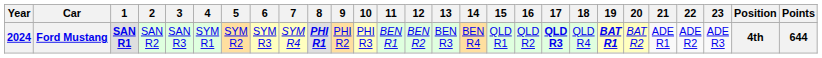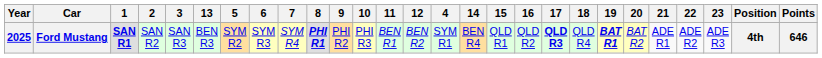 <table class="wikitable" style="text-align:center; font-size:75%">
 <tr>
 <th>Year</th>
 <th>Car</th>
 <th>1</th>
 <th>2</th>
 <th>3</th>
-<th>4</th>
+<th>13</th>
 <th>5</th>
 <th>6</th>
 <th>7</th>
 <th>8</th>
 <th>9</th>
 <th>10</th>
 <th>11</th>
 <th>12</th>
-<th>13</th>
+<th>4</th>
 <th>14</th>
 <th>15</th>
 <th>16</th>
 <th>17</th>
 <th>18</th>
 <th>19</th>
 <th>20</th>
 <th>21</th>
 <th>22</th>
 <th>23</th>
 <th>Position</th>
 <th>Points</th>
 </tr>
 <tr>
-<th><a href='#'>2024</a></th>
+<th><a href='#'>2025</a></th>
 <th><a href='#'>Ford Mustang</a></th>
 <td style="background:#dfdfdf"><strong><a href='#'>SAN<br>R1</a><br></strong></td>
 <td style="background:#dfffdf"><a href='#'>SAN<br>R2</a><br></td>
 <td style="background:#dfffdf"><a href='#'>SAN<br>R3</a><br></td>
-<td style="background:#dfffdf"><a href='#'>SYM<br>R1</a><br></td>
+<td style="background:#dfffdf"><a href='#'>BEN<br>R3</a><br></td>
 <td style="background:#ffdf9f"><a href='#'>SYM<br>R2</a><br></td>
 <td style="background:#ffffbf"><a href='#'>SYM<br>R3</a><br></td>
 <td style="background:#ffffbf"><em><a href='#'>SYM<br>R4</a><br></em></td>
 <td style="background:#dfdfdf"><strong><em><a href='#'>PHI<br>R1</a><br></em></strong></td>
 <td style="background:#ffdf9f"><a href='#'>PHI<br>R2</a><br></td>
 <td style="background:#ffffbf"><a href='#'>PHI<br>R3</a><br></td>
 <td style="background:#dfffdf"><em><a href='#'>BEN<br>R1</a><br></em></td>
 <td style="background:#dfffdf"><em><a href='#'>BEN<br>R2</a><br></em></td>
-<td style="background:#dfffdf"><a href='#'>BEN<br>R3</a><br></td>
+<td style="background:#dfffdf"><a href='#'>SYM<br>R1</a><br></td>
 <td style="background:#ffdf9f"><a href='#'>BEN<br>R4</a><br></td>
 <td style="background:#dfffdf"><a href='#'>QLD<br>R1</a><br></td>
 <td style="background:#dfffdf"><a href='#'>QLD<br>R2</a><br></td>
 <td style="background:#dfffdf"><strong><a href='#'>QLD<br>R3</a><br></strong></td>
 <td style="background:#dfffdf"><a href='#'>QLD<br>R4</a><br></td>
 <td style="background:#ffffbf"><strong><em><a href='#'>BAT<br>R1</a><br></em></strong></td>
 <td style="background:#ffffbf"><em><a href='#'>BAT<br>R2</a><br></em></td>
 <td><a href='#'>ADE<br>R1</a></td>
 <td><a href='#'>ADE<br>R2</a></td>
 <td><a href='#'>ADE<br>R3</a></td>
 <th>4th</th>
-<th>644</th>
+<th>646</th>
 </tr>
 </table>
